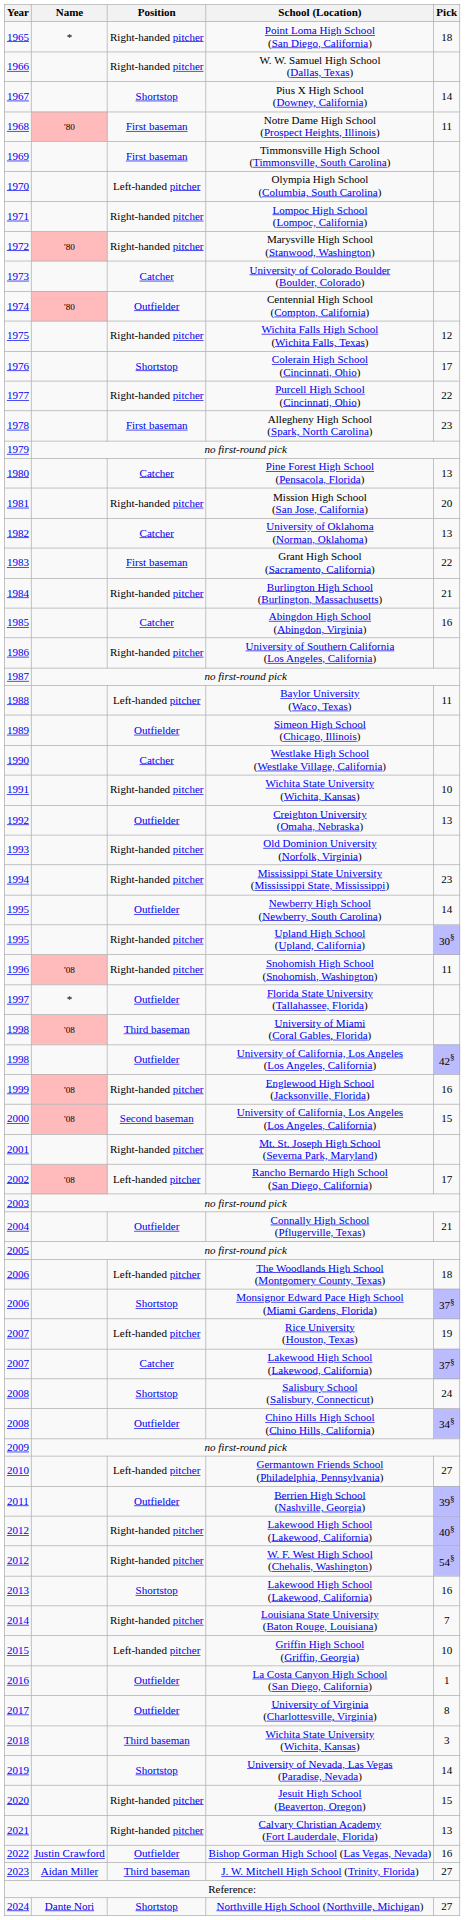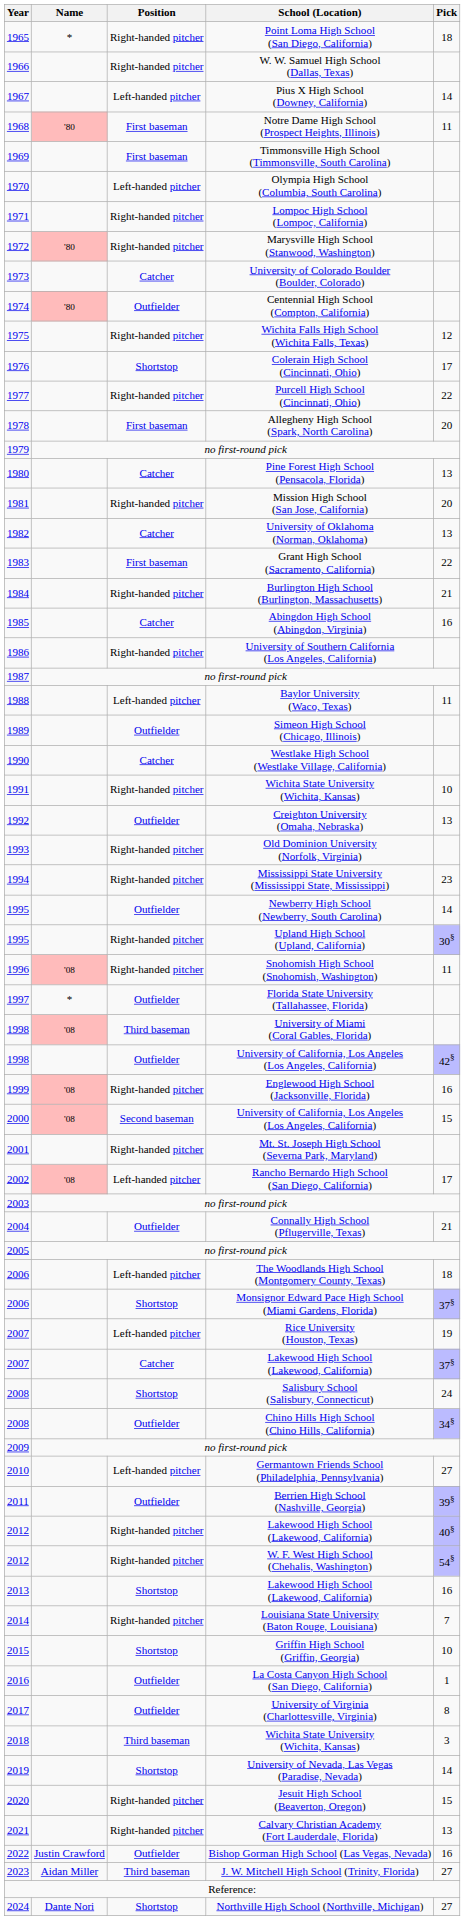 <table class="wikitable sortable" style="text-align:center;" border="1">
 <tr>
 <th>Year</th>
 <th>Name</th>
 <th>Position</th>
 <th class="unsortable">School (Location)</th>
 <th>Pick</th>
 </tr>
 <tr>
 <td><a href='#'>1965</a></td>
 <td>*</td>
 <td>Right-handed <a href='#'>pitcher</a></td>
 <td><a href='#'>Point Loma High School</a><br>(<a href='#'>San Diego, California</a>)</td>
 <td>18</td>
 </tr>
 <tr>
 <td><a href='#'>1966</a></td>
 <td></td>
 <td>Right-handed <a href='#'>pitcher</a></td>
 <td>W. W. Samuel High School<br>(<a href='#'>Dallas, Texas</a>)</td>
 <td></td>
 </tr>
 <tr>
 <td><a href='#'>1967</a></td>
 <td></td>
-<td><a href='#'>Shortstop</a></td>
+<td>Left-handed <a href='#'>pitcher</a></td>
 <td>Pius X High School<br>(<a href='#'>Downey, California</a>)</td>
 <td>14</td>
 </tr>
 <tr>
 <td><a href='#'>1968</a></td>
 <td bgcolor="#ffbbbb"> <small>'80</small></td>
 <td><a href='#'>First baseman</a></td>
 <td>Notre Dame High School<br>(<a href='#'>Prospect Heights, Illinois</a>)</td>
 <td>11</td>
 </tr>
 <tr>
 <td><a href='#'>1969</a></td>
 <td></td>
 <td><a href='#'>First baseman</a></td>
 <td>Timmonsville High School<br>(<a href='#'>Timmonsville, South Carolina</a>)</td>
 <td></td>
 </tr>
 <tr>
 <td><a href='#'>1970</a></td>
 <td></td>
 <td>Left-handed <a href='#'>pitcher</a></td>
 <td>Olympia High School<br>(<a href='#'>Columbia, South Carolina</a>)</td>
 <td></td>
 </tr>
 <tr>
 <td><a href='#'>1971</a></td>
 <td></td>
 <td>Right-handed <a href='#'>pitcher</a></td>
 <td><a href='#'>Lompoc High School</a><br>(<a href='#'>Lompoc, California</a>)</td>
 <td></td>
 </tr>
 <tr>
 <td><a href='#'>1972</a></td>
 <td bgcolor="#ffbbbb"> <small>'80</small></td>
 <td>Right-handed <a href='#'>pitcher</a></td>
 <td>Marysville High School<br>(<a href='#'>Stanwood, Washington</a>)</td>
 <td></td>
 </tr>
 <tr>
 <td><a href='#'>1973</a></td>
 <td></td>
 <td><a href='#'>Catcher</a></td>
 <td><a href='#'>University of Colorado Boulder</a><br>(<a href='#'>Boulder, Colorado</a>)</td>
 <td></td>
 </tr>
 <tr>
 <td><a href='#'>1974</a></td>
 <td bgcolor="#ffbbbb"> <small>'80</small></td>
 <td><a href='#'>Outfielder</a></td>
 <td>Centennial High School<br>(<a href='#'>Compton, California</a>)</td>
 <td></td>
 </tr>
 <tr>
 <td><a href='#'>1975</a></td>
 <td></td>
 <td>Right-handed <a href='#'>pitcher</a></td>
 <td><a href='#'>Wichita Falls High School</a><br>(<a href='#'>Wichita Falls, Texas</a>)</td>
 <td>12</td>
 </tr>
 <tr>
 <td><a href='#'>1976</a></td>
 <td></td>
 <td><a href='#'>Shortstop</a></td>
 <td><a href='#'>Colerain High School</a><br>(<a href='#'>Cincinnati, Ohio</a>)</td>
 <td>17</td>
 </tr>
 <tr>
 <td><a href='#'>1977</a></td>
 <td></td>
 <td>Right-handed <a href='#'>pitcher</a></td>
 <td><a href='#'>Purcell High School</a><br>(<a href='#'>Cincinnati, Ohio</a>)</td>
 <td>22</td>
 </tr>
 <tr>
 <td><a href='#'>1978</a></td>
 <td></td>
 <td><a href='#'>First baseman</a></td>
 <td>Allegheny High School<br>(<a href='#'>Spark, North Carolina</a>)</td>
-<td>23</td>
+<td>20</td>
 </tr>
 <tr>
 <td><a href='#'>1979</a></td>
 <td colspan="4" data-sort-value="aaaaa1979"><em>no first-round pick</em></td>
 </tr>
 <tr>
 <td><a href='#'>1980</a></td>
 <td></td>
 <td><a href='#'>Catcher</a></td>
 <td><a href='#'>Pine Forest High School</a><br>(<a href='#'>Pensacola, Florida</a>)</td>
 <td>13</td>
 </tr>
 <tr>
 <td><a href='#'>1981</a></td>
 <td></td>
 <td>Right-handed <a href='#'>pitcher</a></td>
 <td>Mission High School<br>(<a href='#'>San Jose, California</a>)</td>
 <td>20</td>
 </tr>
 <tr>
 <td><a href='#'>1982</a></td>
 <td></td>
 <td><a href='#'>Catcher</a></td>
 <td><a href='#'>University of Oklahoma</a><br>(<a href='#'>Norman, Oklahoma</a>)</td>
 <td>13</td>
 </tr>
 <tr>
 <td><a href='#'>1983</a></td>
 <td></td>
 <td><a href='#'>First baseman</a></td>
 <td>Grant High School<br>(<a href='#'>Sacramento, California</a>)</td>
 <td>22</td>
 </tr>
 <tr>
 <td><a href='#'>1984</a></td>
 <td></td>
 <td>Right-handed <a href='#'>pitcher</a></td>
 <td><a href='#'>Burlington High School</a><br>(<a href='#'>Burlington, Massachusetts</a>)</td>
 <td>21</td>
 </tr>
 <tr>
 <td><a href='#'>1985</a></td>
 <td></td>
 <td><a href='#'>Catcher</a></td>
 <td><a href='#'>Abingdon High School</a><br>(<a href='#'>Abingdon, Virginia</a>)</td>
 <td>16</td>
 </tr>
 <tr>
 <td><a href='#'>1986</a></td>
 <td></td>
 <td>Right-handed <a href='#'>pitcher</a></td>
 <td><a href='#'>University of Southern California</a><br>(<a href='#'>Los Angeles, California</a>)</td>
 <td></td>
 </tr>
 <tr>
 <td><a href='#'>1987</a></td>
 <td colspan="4" data-sort+value="aaaaa1987"><em>no first-round pick</em></td>
 </tr>
 <tr>
 <td><a href='#'>1988</a></td>
 <td></td>
 <td>Left-handed <a href='#'>pitcher</a></td>
 <td><a href='#'>Baylor University</a><br>(<a href='#'>Waco, Texas</a>)</td>
 <td>11</td>
 </tr>
 <tr>
 <td><a href='#'>1989</a></td>
 <td></td>
 <td><a href='#'>Outfielder</a></td>
 <td><a href='#'>Simeon High School</a><br>(<a href='#'>Chicago, Illinois</a>)</td>
 <td></td>
 </tr>
 <tr>
 <td><a href='#'>1990</a></td>
 <td></td>
 <td><a href='#'>Catcher</a></td>
 <td><a href='#'>Westlake High School</a><br>(<a href='#'>Westlake Village, California</a>)</td>
 <td></td>
 </tr>
 <tr>
 <td><a href='#'>1991</a></td>
 <td></td>
 <td>Right-handed <a href='#'>pitcher</a></td>
 <td><a href='#'>Wichita State University</a><br>(<a href='#'>Wichita, Kansas</a>)</td>
 <td>10</td>
 </tr>
 <tr>
 <td><a href='#'>1992</a></td>
 <td></td>
 <td><a href='#'>Outfielder</a></td>
 <td><a href='#'>Creighton University</a><br>(<a href='#'>Omaha, Nebraska</a>)</td>
 <td>13</td>
 </tr>
 <tr>
 <td><a href='#'>1993</a></td>
 <td></td>
 <td>Right-handed <a href='#'>pitcher</a></td>
 <td><a href='#'>Old Dominion University</a><br>(<a href='#'>Norfolk, Virginia</a>)</td>
 <td></td>
 </tr>
 <tr>
 <td><a href='#'>1994</a></td>
 <td></td>
 <td>Right-handed <a href='#'>pitcher</a></td>
 <td><a href='#'>Mississippi State University</a><br>(<a href='#'>Mississippi State, Mississippi</a>)</td>
 <td>23</td>
 </tr>
 <tr>
 <td><a href='#'>1995</a></td>
 <td></td>
 <td><a href='#'>Outfielder</a></td>
 <td><a href='#'>Newberry High School</a><br>(<a href='#'>Newberry, South Carolina</a>)</td>
 <td>14</td>
 </tr>
 <tr>
 <td><a href='#'>1995</a></td>
 <td></td>
 <td>Right-handed <a href='#'>pitcher</a></td>
 <td><a href='#'>Upland High School</a><br>(<a href='#'>Upland, California</a>)</td>
 <td bgcolor="#bbbbff">30<sup>§</sup></td>
 </tr>
 <tr>
 <td><a href='#'>1996</a></td>
 <td bgcolor="#ffbbbb"> <small>'08</small></td>
 <td>Right-handed <a href='#'>pitcher</a></td>
 <td><a href='#'>Snohomish High School</a><br>(<a href='#'>Snohomish, Washington</a>)</td>
 <td>11</td>
 </tr>
 <tr>
 <td><a href='#'>1997</a></td>
 <td>*</td>
 <td><a href='#'>Outfielder</a></td>
 <td><a href='#'>Florida State University</a><br>(<a href='#'>Tallahassee, Florida</a>)</td>
 <td></td>
 </tr>
 <tr>
 <td><a href='#'>1998</a></td>
 <td bgcolor="#ffbbbb"> <small>'08</small></td>
 <td><a href='#'>Third baseman</a></td>
 <td><a href='#'>University of Miami</a><br>(<a href='#'>Coral Gables, Florida</a>)</td>
 <td></td>
 </tr>
 <tr>
 <td><a href='#'>1998</a></td>
 <td></td>
 <td><a href='#'>Outfielder</a></td>
 <td><a href='#'>University of California, Los Angeles</a><br>(<a href='#'>Los Angeles, California</a>)</td>
 <td bgcolor="#bbbbff">42<sup>§</sup></td>
 </tr>
 <tr>
 <td><a href='#'>1999</a></td>
 <td bgcolor="#ffbbbb"> <small>'08</small></td>
 <td>Right-handed <a href='#'>pitcher</a></td>
 <td><a href='#'>Englewood High School</a><br>(<a href='#'>Jacksonville, Florida</a>)</td>
 <td>16</td>
 </tr>
 <tr>
 <td><a href='#'>2000</a></td>
 <td bgcolor="#ffbbbb"> <small>'08</small></td>
 <td><a href='#'>Second baseman</a></td>
 <td><a href='#'>University of California, Los Angeles</a><br>(<a href='#'>Los Angeles, California</a>)</td>
 <td>15</td>
 </tr>
 <tr>
 <td><a href='#'>2001</a></td>
 <td></td>
 <td>Right-handed <a href='#'>pitcher</a></td>
 <td><a href='#'>Mt. St. Joseph High School</a><br>(<a href='#'>Severna Park, Maryland</a>)</td>
 <td></td>
 </tr>
 <tr>
 <td><a href='#'>2002</a></td>
 <td bgcolor="#ffbbbb"> <small>'08</small></td>
 <td>Left-handed <a href='#'>pitcher</a></td>
 <td><a href='#'>Rancho Bernardo High School</a><br>(<a href='#'>San Diego, California</a>)</td>
 <td>17</td>
 </tr>
 <tr>
 <td><a href='#'>2003</a></td>
 <td colspan="4" data-sort-value="aaaaa2003"><em>no first-round pick</em></td>
 </tr>
 <tr>
 <td><a href='#'>2004</a></td>
 <td></td>
 <td><a href='#'>Outfielder</a></td>
 <td><a href='#'>Connally High School</a><br>(<a href='#'>Pflugerville, Texas</a>)</td>
 <td>21</td>
 </tr>
 <tr>
 <td><a href='#'>2005</a></td>
 <td colspan="4" data-sort-value="aaaaa2005"><em>no first-round pick</em></td>
 </tr>
 <tr>
 <td><a href='#'>2006</a></td>
 <td></td>
 <td>Left-handed <a href='#'>pitcher</a></td>
 <td><a href='#'>The Woodlands High School</a><br>(<a href='#'>Montgomery County, Texas</a>)</td>
 <td>18</td>
 </tr>
 <tr>
 <td><a href='#'>2006</a></td>
 <td></td>
 <td><a href='#'>Shortstop</a></td>
 <td><a href='#'>Monsignor Edward Pace High School</a><br>(<a href='#'>Miami Gardens, Florida</a>)</td>
 <td bgcolor="#bbbbff">37<sup>§</sup></td>
 </tr>
 <tr>
 <td><a href='#'>2007</a></td>
 <td></td>
 <td>Left-handed <a href='#'>pitcher</a></td>
 <td><a href='#'>Rice University</a><br>(<a href='#'>Houston, Texas</a>)</td>
 <td>19</td>
 </tr>
 <tr>
 <td><a href='#'>2007</a></td>
 <td></td>
 <td><a href='#'>Catcher</a></td>
 <td><a href='#'>Lakewood High School</a><br>(<a href='#'>Lakewood, California</a>)</td>
 <td bgcolor="#bbbbff">37<sup>§</sup></td>
 </tr>
 <tr>
 <td><a href='#'>2008</a></td>
 <td></td>
 <td><a href='#'>Shortstop</a></td>
 <td><a href='#'>Salisbury School</a><br>(<a href='#'>Salisbury, Connecticut</a>)</td>
 <td>24</td>
 </tr>
 <tr>
 <td><a href='#'>2008</a></td>
 <td></td>
 <td><a href='#'>Outfielder</a></td>
 <td><a href='#'>Chino Hills High School</a><br>(<a href='#'>Chino Hills, California</a>)</td>
 <td bgcolor="#bbbbff">34<sup>§</sup></td>
 </tr>
 <tr>
 <td><a href='#'>2009</a></td>
 <td colspan="4" data-sort-value="aaaaa2009"><em>no first-round pick</em></td>
 </tr>
 <tr>
 <td><a href='#'>2010</a></td>
 <td></td>
 <td>Left-handed <a href='#'>pitcher</a></td>
 <td><a href='#'>Germantown Friends School</a><br>(<a href='#'>Philadelphia, Pennsylvania</a>)</td>
 <td>27</td>
 </tr>
 <tr>
 <td><a href='#'>2011</a></td>
 <td></td>
 <td><a href='#'>Outfielder</a></td>
 <td><a href='#'>Berrien High School</a><br>(<a href='#'>Nashville, Georgia</a>)</td>
 <td bgcolor="#bbbbff">39<sup>§</sup></td>
 </tr>
 <tr>
 <td><a href='#'>2012</a></td>
 <td></td>
 <td>Right-handed <a href='#'>pitcher</a></td>
 <td><a href='#'>Lakewood High School</a><br>(<a href='#'>Lakewood, California</a>)</td>
 <td bgcolor="#bbbbff">40<sup>§</sup></td>
 </tr>
 <tr>
 <td><a href='#'>2012</a></td>
 <td></td>
 <td>Right-handed <a href='#'>pitcher</a></td>
 <td><a href='#'>W. F. West High School</a><br>(<a href='#'>Chehalis, Washington</a>)</td>
 <td bgcolor="#bbbbff">54<sup>§</sup></td>
 </tr>
 <tr>
 <td><a href='#'>2013</a></td>
 <td></td>
 <td><a href='#'>Shortstop</a></td>
 <td><a href='#'>Lakewood High School</a><br>(<a href='#'>Lakewood, California</a>)</td>
 <td>16</td>
 </tr>
 <tr>
 <td><a href='#'>2014</a></td>
 <td></td>
 <td>Right-handed <a href='#'>pitcher</a></td>
 <td><a href='#'>Louisiana State University</a><br>(<a href='#'>Baton Rouge, Louisiana</a>)</td>
 <td>7</td>
 </tr>
 <tr>
 <td><a href='#'>2015</a></td>
 <td></td>
-<td>Left-handed <a href='#'>pitcher</a></td>
+<td><a href='#'>Shortstop</a></td>
 <td><a href='#'>Griffin High School</a><br>(<a href='#'>Griffin, Georgia</a>)</td>
 <td>10</td>
 </tr>
 <tr>
 <td><a href='#'>2016</a></td>
 <td></td>
 <td><a href='#'>Outfielder</a></td>
 <td><a href='#'>La Costa Canyon High School</a><br>(<a href='#'>San Diego, California</a>)</td>
 <td>1</td>
 </tr>
 <tr>
 <td><a href='#'>2017</a></td>
 <td></td>
 <td><a href='#'>Outfielder</a></td>
 <td><a href='#'>University of Virginia</a><br>(<a href='#'>Charlottesville, Virginia</a>)</td>
 <td>8</td>
 </tr>
 <tr>
 <td><a href='#'>2018</a></td>
 <td></td>
 <td><a href='#'>Third baseman</a></td>
 <td><a href='#'>Wichita State University</a><br>(<a href='#'>Wichita, Kansas</a>)</td>
 <td>3</td>
 </tr>
 <tr>
 <td><a href='#'>2019</a></td>
 <td></td>
 <td><a href='#'>Shortstop</a></td>
 <td><a href='#'>University of Nevada, Las Vegas</a><br>(<a href='#'>Paradise, Nevada</a>)</td>
 <td>14</td>
 </tr>
 <tr>
 <td><a href='#'>2020</a></td>
 <td></td>
 <td>Right-handed <a href='#'>pitcher</a></td>
 <td><a href='#'>Jesuit High School</a><br>(<a href='#'>Beaverton, Oregon</a>)</td>
 <td>15</td>
 </tr>
 <tr>
 <td><a href='#'>2021</a></td>
 <td></td>
 <td>Right-handed <a href='#'>pitcher</a></td>
 <td><a href='#'>Calvary Christian Academy</a><br>(<a href='#'>Fort Lauderdale, Florida</a>)</td>
 <td>13</td>
 </tr>
 <tr>
 <td><a href='#'>2022</a></td>
 <td><a href='#'>Justin Crawford</a></td>
 <td><a href='#'>Outfielder</a></td>
 <td><a href='#'>Bishop Gorman High School</a> (<a href='#'>Las Vegas, Nevada</a>)</td>
 <td>16</td>
 </tr>
 <tr>
 <td><a href='#'>2023</a></td>
 <td><a href='#'>Aidan Miller</a></td>
 <td><a href='#'>Third baseman</a></td>
 <td><a href='#'>J. W. Mitchell High School</a> (<a href='#'>Trinity, Florida</a>)</td>
 <td>27</td>
 </tr>
 <tr class="sortbottom">
 <td colspan="5">Reference:</td>
 </tr>
 <tr>
 <td><a href='#'>2024</a></td>
 <td><a href='#'>Dante Nori</a></td>
 <td><a href='#'>Shortstop</a></td>
 <td><a href='#'>Northville High School</a> (<a href='#'>Northville, Michigan</a>)</td>
 <td>27</td>
 </tr>
 </table>
